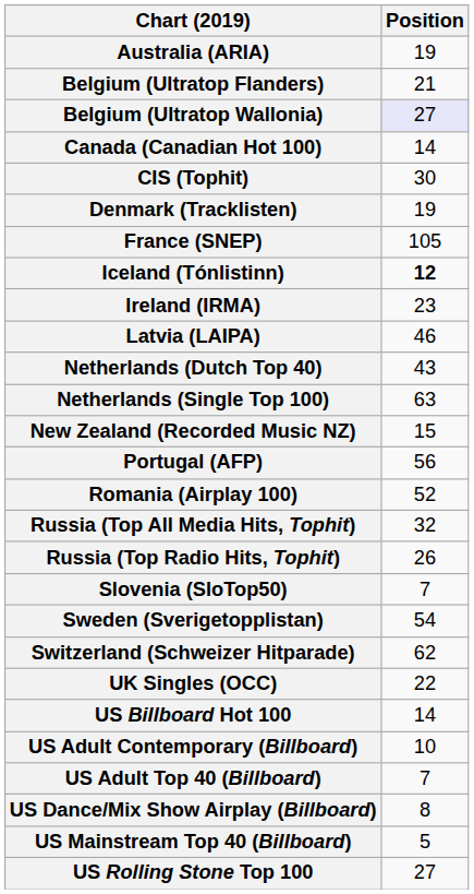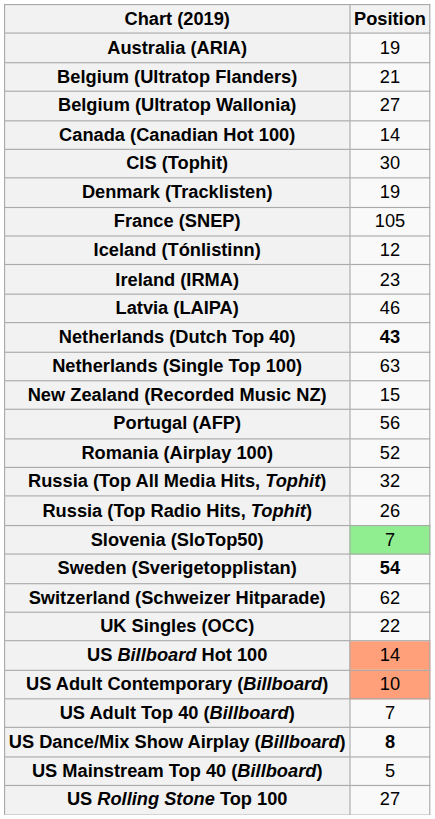 <table class="wikitable sortable plainrowheaders" style="text-align:center">
 <tr>
 <th scope="col">Chart (2019)</th>
 <th scope="col">Position</th>
 </tr>
 <tr>
 <th scope="row">Australia (ARIA)</th>
 <td>19</td>
 </tr>
 <tr>
 <th scope="row">Belgium (Ultratop Flanders)</th>
 <td>21</td>
 </tr>
 <tr>
 <th scope="row">Belgium (Ultratop Wallonia)</th>
-<td style="background: lavender;">27</td>
+<td>27</td>
 </tr>
 <tr>
 <th scope="row">Canada (Canadian Hot 100)</th>
 <td>14</td>
 </tr>
 <tr>
 <th scope="row">CIS (Tophit)</th>
 <td>30</td>
 </tr>
 <tr>
 <th scope="row">Denmark (Tracklisten)</th>
 <td>19</td>
 </tr>
 <tr>
 <th scope="row">France (SNEP)</th>
 <td>105</td>
 </tr>
 <tr>
 <th scope="row">Iceland (Tónlistinn)</th>
-<td><strong>12</strong></td>
+<td>12</td>
 </tr>
 <tr>
 <th scope="row">Ireland (IRMA)</th>
 <td>23</td>
 </tr>
 <tr>
 <th scope="row">Latvia (LAIPA)</th>
 <td>46</td>
 </tr>
 <tr>
 <th scope="row">Netherlands (Dutch Top 40)</th>
-<td>43</td>
+<td><strong>43</strong></td>
 </tr>
 <tr>
 <th scope="row">Netherlands (Single Top 100)</th>
 <td>63</td>
 </tr>
 <tr>
 <th scope="row">New Zealand (Recorded Music NZ)</th>
 <td>15</td>
 </tr>
 <tr>
 <th scope="row">Portugal (AFP)</th>
 <td>56</td>
 </tr>
 <tr>
 <th scope="row">Romania (Airplay 100)</th>
 <td>52</td>
 </tr>
 <tr>
 <th scope="row">Russia (Top All Media Hits, <em>Tophit</em>)</th>
 <td align=center>32</td>
 </tr>
 <tr>
 <th scope="row">Russia (Top Radio Hits, <em>Tophit</em>)</th>
 <td align=center>26</td>
 </tr>
 <tr>
 <th scope="row">Slovenia (SloTop50)</th>
-<td>7</td>
+<td style="background: lightgreen;">7</td>
 </tr>
 <tr>
 <th scope="row">Sweden (Sverigetopplistan)</th>
-<td>54</td>
+<td><strong>54</strong></td>
 </tr>
 <tr>
 <th scope="row">Switzerland (Schweizer Hitparade)</th>
 <td>62</td>
 </tr>
 <tr>
 <th scope="row">UK Singles (OCC)</th>
 <td>22</td>
 </tr>
 <tr>
 <th scope="row">US <em>Billboard</em> Hot 100</th>
-<td>14</td>
+<td style="background: lightsalmon;">14</td>
 </tr>
 <tr>
 <th scope="row">US Adult Contemporary (<em>Billboard</em>)</th>
-<td>10</td>
+<td style="background: lightsalmon;">10</td>
 </tr>
 <tr>
 <th scope="row">US Adult Top 40 (<em>Billboard</em>)</th>
 <td>7</td>
 </tr>
 <tr>
 <th scope="row">US Dance/Mix Show Airplay (<em>Billboard</em>)</th>
-<td>8</td>
+<td><strong>8</strong></td>
 </tr>
 <tr>
 <th scope="row">US Mainstream Top 40 (<em>Billboard</em>)</th>
 <td>5</td>
 </tr>
 <tr>
 <th scope="row">US <em>Rolling Stone</em> Top 100</th>
 <td>27</td>
 </tr>
 </table>
